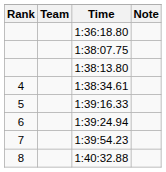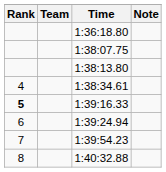 <table class="wikitable sortable" style=" text-align:center; font-size:95%;">
 <tr>
 </tr>
 <tr>
 <th>Rank</th>
 <th>Team</th>
 <th>Time</th>
 <th>Note</th>
 </tr>
 <tr>
 <td></td>
 <td align=left></td>
 <td>1:36:18.80</td>
 <td></td>
 </tr>
 <tr>
 <td></td>
 <td align=left></td>
 <td>1:38:07.75</td>
 <td></td>
 </tr>
 <tr>
 <td></td>
 <td align=left></td>
 <td>1:38:13.80</td>
 <td></td>
 </tr>
 <tr>
 <td>4</td>
 <td align=left></td>
 <td>1:38:34.61</td>
 <td></td>
 </tr>
 <tr>
-<td>5</td>
+<td><strong>5</strong></td>
 <td align=left></td>
 <td>1:39:16.33</td>
 <td></td>
 </tr>
 <tr>
 <td>6</td>
 <td align=left></td>
 <td>1:39:24.94</td>
 <td></td>
 </tr>
 <tr>
 <td>7</td>
 <td align=left></td>
 <td>1:39:54.23</td>
 <td></td>
 </tr>
 <tr>
 <td>8</td>
 <td align=left></td>
 <td>1:40:32.88</td>
 <td></td>
 </tr>
 </table>
